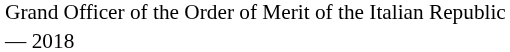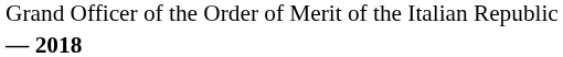 <table>
 <tr>
 <td rowspan=2 style="width:60px; vertical-align:top;"></td>
 <td>Grand Officer of the Order of Merit of the Italian Republic</td>
 </tr>
 <tr>
-<td>— 2018</td>
+<td><strong>— 2018</strong></td>
 </tr>
 </table>
